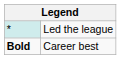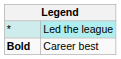 <table class="wikitable mw-collapsible">
 <tr>
 <th colspan="2">Legend</th>
 </tr>
 <tr>
 <td style="background:#cfecec; width:3em;">*</td>
-<td>Led the league</td>
+<td style="background: paleturquoise;">Led the league</td>
 </tr>
 <tr>
 <td><strong>Bold</strong></td>
 <td>Career best</td>
 </tr>
 </table>
